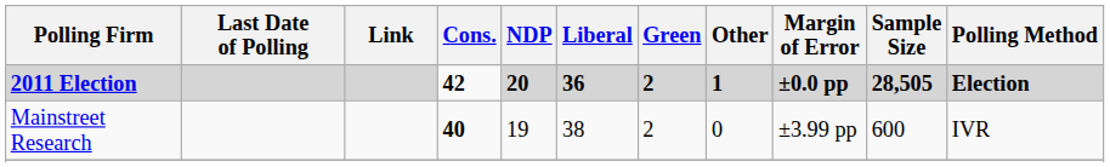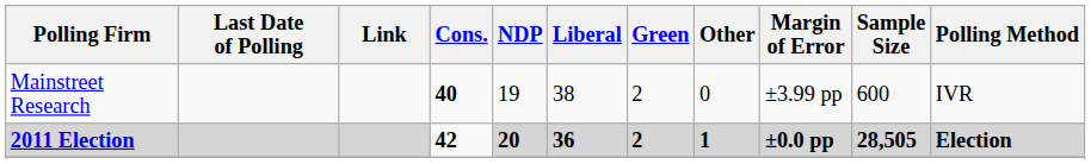 <table class="wikitable sortable">
 <tr style="background:#e9e9e9;">
 <th style="width:120px">Polling Firm</th>
 <th style="width:110px">Last Date<br>of Polling</th>
 <th style="width:60px" class="unsortable">Link</th>
 <th style="background-color:"><strong><a href='#'>Cons.</a></strong></th>
 <th style="background-color:"><strong><a href='#'>NDP</a></strong></th>
 <th style="background-color:"><strong><a href='#'>Liberal</a></strong></th>
 <th style="background-color:"><strong><a href='#'>Green</a></strong></th>
 <th style="background-color:"><strong>Other</strong></th>
 <th style="width:60px;" class=unsortable>Margin<br>of Error</th>
 <th style="width:50px;" class=unsortable>Sample<br>Size</th>
 <th class=unsortable>Polling Method</th>
 </tr>
 <tr>
+<td><a href='#'>Mainstreet Research</a></td>
+<td></td>
+<td></td>
+<td><strong>40</strong></td>
+<td>19</td>
+<td>38</td>
+<td>2</td>
+<td>0</td>
+<td>±3.99 pp</td>
+<td>600</td>
+<td>IVR</td>
+</tr>
+<tr>
 <td style="background:#D5D5D5"><strong><a href='#'>2011 Election</a></strong></td>
 <td style="background:#D5D5D5"><strong></strong></td>
 <td style="background:#D5D5D5"></td>
 <td><strong>42</strong></td>
 <td style="background:#D5D5D5"><strong>20</strong></td>
 <td style="background:#D5D5D5"><strong>36</strong></td>
 <td style="background:#D5D5D5"><strong>2</strong></td>
 <td style="background:#D5D5D5"><strong>1</strong></td>
 <td style="background:#D5D5D5"><strong>±0.0 pp</strong></td>
 <td style="background:#D5D5D5"><strong>28,505</strong></td>
 <td style="background:#D5D5D5"><strong>Election</strong></td>
 </tr>
 <tr>
-<td><a href='#'>Mainstreet Research</a></td>
-<td></td>
-<td></td>
-<td><strong>40</strong></td>
-<td>19</td>
-<td>38</td>
-<td>2</td>
-<td>0</td>
-<td>±3.99 pp</td>
-<td>600</td>
-<td>IVR</td>
-</tr>
-<tr>
 </tr>
 <tr>
 </tr>
 </table>
